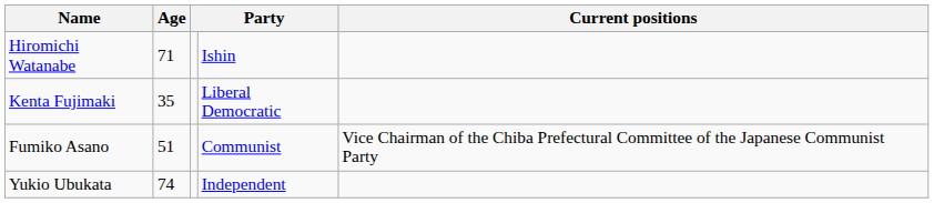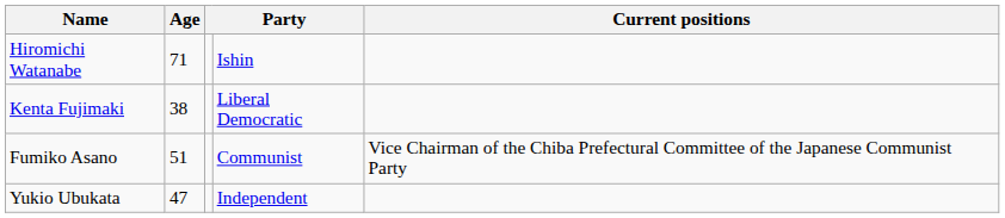 <table class="wikitable">
 <tr style="white-space:nowrap;">
 <th>Name</th>
 <th>Age</th>
 <th colspan=2>Party</th>
 <th>Current positions</th>
 </tr>
 <tr>
 <td><a href='#'>Hiromichi Watanabe</a></td>
 <td>71</td>
 <td style="background:"></td>
 <td><a href='#'>Ishin</a></td>
 <td><br></td>
 </tr>
 <tr>
 <td><a href='#'>Kenta Fujimaki</a></td>
-<td>35</td>
+<td>38</td>
 <td style="background:"></td>
 <td><a href='#'>Liberal Democratic</a></td>
 <td><br></td>
 </tr>
 <tr>
 <td>Fumiko Asano</td>
 <td>51</td>
 <td style="background:"></td>
 <td><a href='#'>Communist</a></td>
 <td>Vice Chairman of the Chiba Prefectural Committee of the Japanese Communist Party</td>
 </tr>
 <tr>
 <td>Yukio Ubukata</td>
-<td>74</td>
+<td>47</td>
 <td style="background:"></td>
 <td><a href='#'>Independent</a></td>
 <td><br></td>
 </tr>
 </table>
